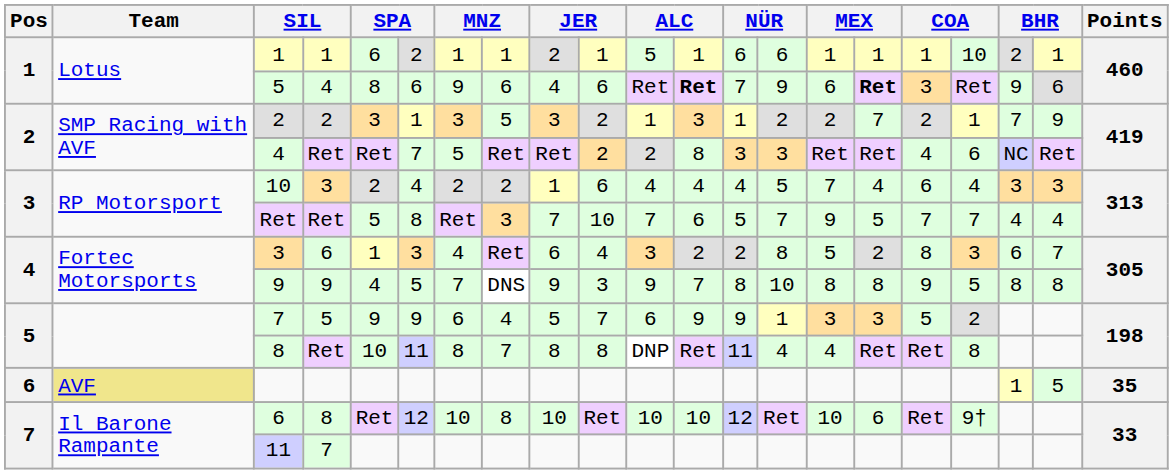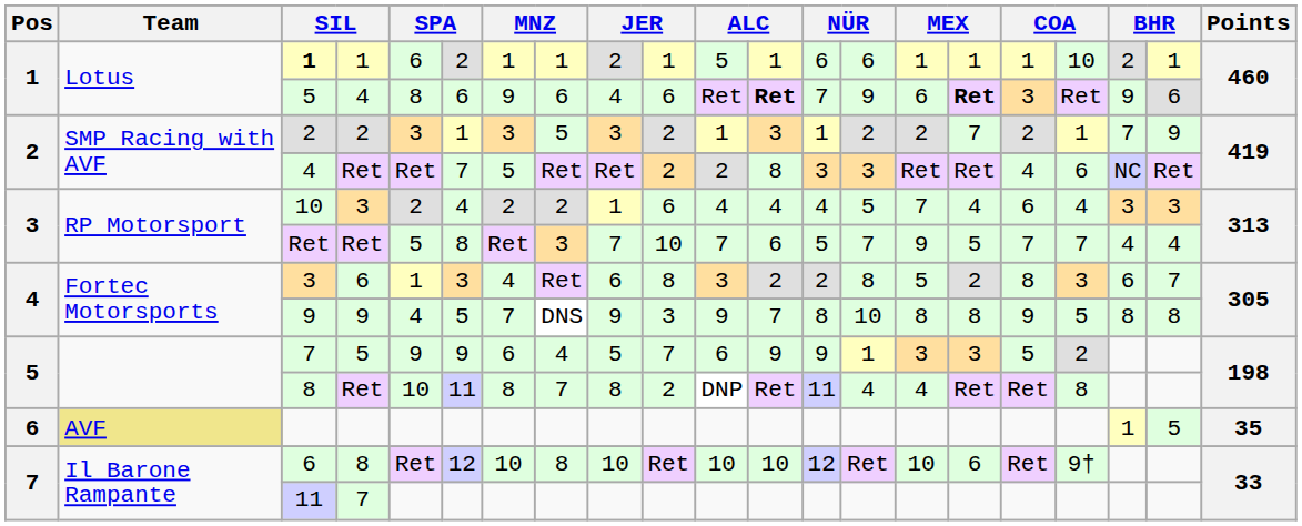 <table class="wikitable" style="font-size: 85%; text-align: center">
 <tr valign="top">
 <th valign=middle>Pos</th>
 <th valign=middle>Team</th>
 <th colspan=2><a href='#'>SIL</a><br></th>
 <th colspan=2><a href='#'>SPA</a><br></th>
 <th colspan=2><a href='#'>MNZ</a><br></th>
 <th colspan=2><a href='#'>JER</a><br></th>
 <th colspan=2><a href='#'>ALC</a><br></th>
 <th colspan=2><a href='#'>NÜR</a><br></th>
 <th colspan=2><a href='#'>MEX</a><br></th>
 <th colspan=2><a href='#'>COA</a><br></th>
 <th colspan=2><a href='#'>BHR</a><br></th>
 <th valign=middle>Points</th>
 </tr>
 <tr>
 <th rowspan=2>1</th>
 <td align=left rowspan=2> <a href='#'>Lotus</a></td>
-<td style="background:#FFFFBF;">1</td>
+<td style="background:#FFFFBF;"><strong>1</strong></td>
 <td style="background:#FFFFBF;">1</td>
 <td style="background:#DFFFDF;">6</td>
 <td style="background:#DFDFDF;">2</td>
 <td style="background:#FFFFBF;">1</td>
 <td style="background:#FFFFBF;">1</td>
 <td style="background:#DFDFDF;">2</td>
 <td style="background:#FFFFBF;">1</td>
 <td style="background:#DFFFDF;">5</td>
 <td style="background:#FFFFBF;">1</td>
 <td style="background:#DFFFDF;">6</td>
 <td style="background:#DFFFDF;">6</td>
 <td style="background:#FFFFBF;">1</td>
 <td style="background:#FFFFBF;">1</td>
 <td style="background:#FFFFBF;">1</td>
 <td style="background:#DFFFDF;">10</td>
 <td style="background:#DFDFDF;">2</td>
 <td style="background:#FFFFBF;">1</td>
 <th rowspan=2>460</th>
 </tr>
 <tr>
 <td style="background:#DFFFDF;">5</td>
 <td style="background:#DFFFDF;">4</td>
 <td style="background:#DFFFDF;">8</td>
 <td style="background:#DFFFDF;">6</td>
 <td style="background:#DFFFDF;">9</td>
 <td style="background:#DFFFDF;">6</td>
 <td style="background:#DFFFDF;">4</td>
 <td style="background:#DFFFDF;">6</td>
 <td style="background:#EFCFFF;">Ret</td>
 <td style="background:#EFCFFF;"><strong>Ret</strong></td>
 <td style="background:#DFFFDF;">7</td>
 <td style="background:#DFFFDF;">9</td>
 <td style="background:#DFFFDF;">6</td>
 <td style="background:#EFCFFF;"><strong>Ret</strong></td>
 <td style="background:#FFDF9F;">3</td>
 <td style="background:#EFCFFF;">Ret</td>
 <td style="background:#DFFFDF;">9</td>
 <td style="background:#DFDFDF;">6</td>
 </tr>
 <tr>
 <th rowspan=2>2</th>
 <td align=left rowspan=2> <a href='#'>SMP Racing with AVF</a></td>
 <td style="background:#DFDFDF;">2</td>
 <td style="background:#DFDFDF;">2</td>
 <td style="background:#FFDF9F;">3</td>
 <td style="background:#FFFFBF;">1</td>
 <td style="background:#FFDF9F;">3</td>
 <td style="background:#DFFFDF;">5</td>
 <td style="background:#FFDF9F;">3</td>
 <td style="background:#DFDFDF;">2</td>
 <td style="background:#FFFFBF;">1</td>
 <td style="background:#FFDF9F;">3</td>
 <td style="background:#FFFFBF;">1</td>
 <td style="background:#DFDFDF;">2</td>
 <td style="background:#DFDFDF;">2</td>
 <td style="background:#DFFFDF;">7</td>
 <td style="background:#DFDFDF;">2</td>
 <td style="background:#FFFFBF;">1</td>
 <td style="background:#DFFFDF;">7</td>
 <td style="background:#DFFFDF;">9</td>
 <th rowspan=2>419</th>
 </tr>
 <tr>
 <td style="background:#DFFFDF;">4</td>
 <td style="background:#EFCFFF;">Ret</td>
 <td style="background:#EFCFFF;">Ret</td>
 <td style="background:#DFFFDF;">7</td>
 <td style="background:#DFFFDF;">5</td>
 <td style="background:#EFCFFF;">Ret</td>
 <td style="background:#EFCFFF;">Ret</td>
 <td style="background:#FFDF9F;">2</td>
 <td style="background:#DFDFDF;">2</td>
 <td style="background:#DFFFDF;">8</td>
 <td style="background:#FFDF9F;">3</td>
 <td style="background:#FFDF9F;">3</td>
 <td style="background:#EFCFFF;">Ret</td>
 <td style="background:#EFCFFF;">Ret</td>
 <td style="background:#DFFFDF;">4</td>
 <td style="background:#DFFFDF;">6</td>
 <td style="background:#CFCFFF;">NC</td>
 <td style="background:#EFCFFF;">Ret</td>
 </tr>
 <tr>
 <th rowspan=2>3</th>
 <td align=left rowspan=2> <a href='#'>RP Motorsport</a></td>
 <td style="background:#DFFFDF;">10</td>
 <td style="background:#FFDF9F;">3</td>
 <td style="background:#DFDFDF;">2</td>
 <td style="background:#DFFFDF;">4</td>
 <td style="background:#DFDFDF;">2</td>
 <td style="background:#DFDFDF;">2</td>
 <td style="background:#FFFFBF;">1</td>
 <td style="background:#DFFFDF;">6</td>
 <td style="background:#DFFFDF;">4</td>
 <td style="background:#DFFFDF;">4</td>
 <td style="background:#DFFFDF;">4</td>
 <td style="background:#DFFFDF;">5</td>
 <td style="background:#DFFFDF;">7</td>
 <td style="background:#DFFFDF;">4</td>
 <td style="background:#DFFFDF;">6</td>
 <td style="background:#DFFFDF;">4</td>
 <td style="background:#FFDF9F;">3</td>
 <td style="background:#FFDF9F;">3</td>
 <th rowspan=2>313</th>
 </tr>
 <tr>
 <td style="background:#EFCFFF;">Ret</td>
 <td style="background:#EFCFFF;">Ret</td>
 <td style="background:#DFFFDF;">5</td>
 <td style="background:#DFFFDF;">8</td>
 <td style="background:#EFCFFF;">Ret</td>
 <td style="background:#FFDF9F;">3</td>
 <td style="background:#DFFFDF;">7</td>
 <td style="background:#DFFFDF;">10</td>
 <td style="background:#DFFFDF;">7</td>
 <td style="background:#DFFFDF;">6</td>
 <td style="background:#DFFFDF;">5</td>
 <td style="background:#DFFFDF;">7</td>
 <td style="background:#DFFFDF;">9</td>
 <td style="background:#DFFFDF;">5</td>
 <td style="background:#DFFFDF;">7</td>
 <td style="background:#DFFFDF;">7</td>
 <td style="background:#DFFFDF;">4</td>
 <td style="background:#DFFFDF;">4</td>
 </tr>
 <tr>
 <th rowspan=2>4</th>
 <td align=left rowspan=2> <a href='#'>Fortec Motorsports</a></td>
 <td style="background:#FFDF9F;">3</td>
 <td style="background:#DFFFDF;">6</td>
 <td style="background:#FFFFBF;">1</td>
 <td style="background:#FFDF9F;">3</td>
 <td style="background:#DFFFDF;">4</td>
 <td style="background:#EFCFFF;">Ret</td>
 <td style="background:#DFFFDF;">6</td>
-<td style="background:#DFFFDF;">4</td>
+<td style="background:#DFFFDF;">8</td>
 <td style="background:#FFDF9F;">3</td>
 <td style="background:#DFDFDF;">2</td>
 <td style="background:#DFDFDF;">2</td>
 <td style="background:#DFFFDF;">8</td>
 <td style="background:#DFFFDF;">5</td>
 <td style="background:#DFDFDF;">2</td>
 <td style="background:#DFFFDF;">8</td>
 <td style="background:#FFDF9F;">3</td>
 <td style="background:#DFFFDF;">6</td>
 <td style="background:#DFFFDF;">7</td>
 <th rowspan=2>305</th>
 </tr>
 <tr>
 <td style="background:#DFFFDF;">9</td>
 <td style="background:#DFFFDF;">9</td>
 <td style="background:#DFFFDF;">4</td>
 <td style="background:#DFFFDF;">5</td>
 <td style="background:#DFFFDF;">7</td>
 <td style="background:#FFFFFF;">DNS</td>
 <td style="background:#DFFFDF;">9</td>
 <td style="background:#DFFFDF;">3</td>
 <td style="background:#DFFFDF;">9</td>
 <td style="background:#DFFFDF;">7</td>
 <td style="background:#DFFFDF;">8</td>
 <td style="background:#DFFFDF;">10</td>
 <td style="background:#DFFFDF;">8</td>
 <td style="background:#DFFFDF;">8</td>
 <td style="background:#DFFFDF;">9</td>
 <td style="background:#DFFFDF;">5</td>
 <td style="background:#DFFFDF;">8</td>
 <td style="background:#DFFFDF;">8</td>
 </tr>
 <tr>
 <th rowspan=2>5</th>
 <td align=left rowspan=2></td>
 <td style="background:#DFFFDF;">7</td>
 <td style="background:#DFFFDF;">5</td>
 <td style="background:#DFFFDF;">9</td>
 <td style="background:#DFFFDF;">9</td>
 <td style="background:#DFFFDF;">6</td>
 <td style="background:#DFFFDF;">4</td>
 <td style="background:#DFFFDF;">5</td>
 <td style="background:#DFFFDF;">7</td>
 <td style="background:#DFFFDF;">6</td>
 <td style="background:#DFFFDF;">9</td>
 <td style="background:#DFFFDF;">9</td>
 <td style="background:#FFFFBF;">1</td>
 <td style="background:#FFDF9F;">3</td>
 <td style="background:#FFDF9F;">3</td>
 <td style="background:#DFFFDF;">5</td>
 <td style="background:#DFDFDF;">2</td>
 <td></td>
 <td></td>
 <th rowspan=2>198</th>
 </tr>
 <tr>
 <td style="background:#DFFFDF;">8</td>
 <td style="background:#EFCFFF;">Ret</td>
 <td style="background:#DFFFDF;">10</td>
 <td style="background:#CFCFFF;">11</td>
 <td style="background:#DFFFDF;">8</td>
 <td style="background:#DFFFDF;">7</td>
 <td style="background:#DFFFDF;">8</td>
-<td style="background:#DFFFDF;">8</td>
+<td style="background:#DFFFDF;">2</td>
 <td style="background:#FFFFFF;">DNP</td>
 <td style="background:#EFCFFF;">Ret</td>
 <td style="background:#CFCFFF;">11</td>
 <td style="background:#DFFFDF;">4</td>
 <td style="background:#DFFFDF;">4</td>
 <td style="background:#EFCFFF;">Ret</td>
 <td style="background:#EFCFFF;">Ret</td>
 <td style="background:#DFFFDF;">8</td>
 <td></td>
 <td></td>
 </tr>
 <tr>
 <th>6</th>
 <td align=left style="background: khaki;"> <a href='#'>AVF</a></td>
 <td></td>
 <td></td>
 <td></td>
 <td></td>
 <td></td>
 <td></td>
 <td></td>
 <td></td>
 <td></td>
 <td></td>
 <td></td>
 <td></td>
 <td></td>
 <td></td>
 <td></td>
 <td></td>
 <td style="background:#FFFFBF;">1</td>
 <td style="background:#DFFFDF;">5</td>
 <th>35</th>
 </tr>
 <tr>
 <th rowspan=2>7</th>
 <td align=left rowspan=2> <a href='#'>Il Barone Rampante</a></td>
 <td style="background:#DFFFDF;">6</td>
 <td style="background:#DFFFDF;">8</td>
 <td style="background:#EFCFFF;">Ret</td>
 <td style="background:#CFCFFF;">12</td>
 <td style="background:#DFFFDF;">10</td>
 <td style="background:#DFFFDF;">8</td>
 <td style="background:#DFFFDF;">10</td>
 <td style="background:#EFCFFF;">Ret</td>
 <td style="background:#DFFFDF;">10</td>
 <td style="background:#DFFFDF;">10</td>
 <td style="background:#CFCFFF;">12</td>
 <td style="background:#EFCFFF;">Ret</td>
 <td style="background:#DFFFDF;">10</td>
 <td style="background:#DFFFDF;">6</td>
 <td style="background:#EFCFFF;">Ret</td>
 <td style="background:#DFFFDF;">9†</td>
 <td></td>
 <td></td>
 <th rowspan=2>33</th>
 </tr>
 <tr>
 <td style="background:#CFCFFF;">11</td>
 <td style="background:#DFFFDF;">7</td>
 <td></td>
 <td></td>
 <td></td>
 <td></td>
 <td></td>
 <td></td>
 <td></td>
 <td></td>
 <td></td>
 <td></td>
 <td></td>
 <td></td>
 <td></td>
 <td></td>
 <td></td>
 <td></td>
 </tr>
 </table>
